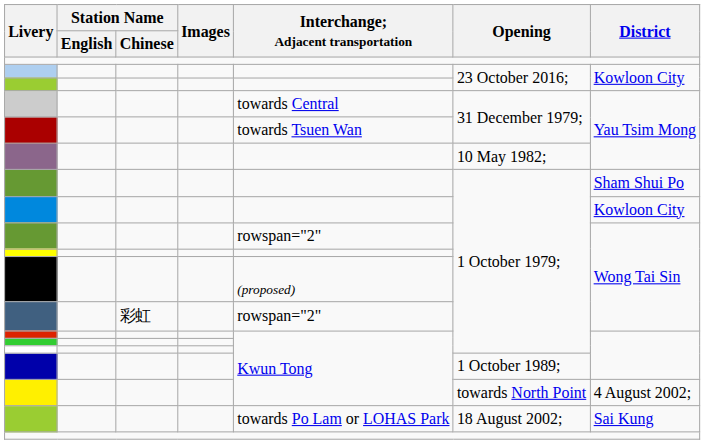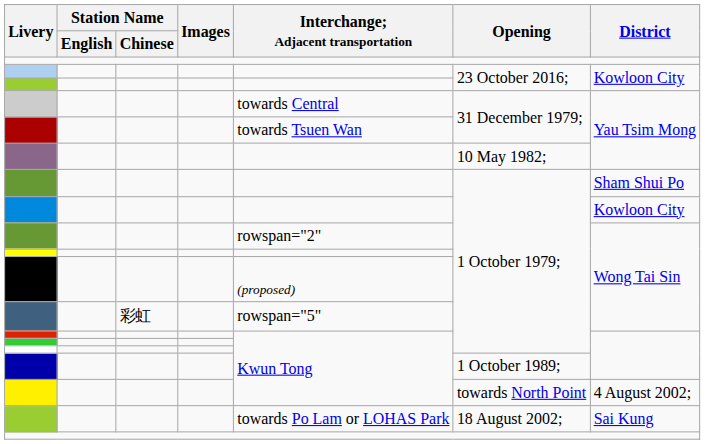 <table class="wikitable" style="color: black; border-collapse: collapse; font-size: 95%">
 <tr>
 <th rowspan="2">Livery</th>
 <th colspan="2">Station Name</th>
 <th rowspan="2">Images</th>
 <th rowspan="2">Interchange;<br><small>Adjacent transportation</small></th>
 <th rowspan="2">Opening</th>
 <th rowspan="2"><a href='#'>District</a></th>
 </tr>
 <tr>
 <th>English</th>
 <th>Chinese</th>
 </tr>
 <tr>
 <td colspan="9" style="text-align:center;"><strong></strong></td>
 </tr>
 <tr>
 <td style="background-color: #AECFF0;"></td>
 <td><strong></strong></td>
 <td></td>
 <td></td>
 <td></td>
 <td rowspan="2">23 October 2016;<br></td>
 <td rowspan="2"><a href='#'>Kowloon City</a></td>
 </tr>
 <tr>
 <td style="background-color: #9ACD32;"></td>
 <td><strong></strong></td>
 <td></td>
 <td></td>
 <td></td>
 </tr>
 <tr>
 <td style="background-color: #CCCCCC;"></td>
 <td><strong></strong></td>
 <td></td>
 <td></td>
 <td> towards <a href='#'>Central</a></td>
 <td rowspan="2">31 December 1979;<br></td>
 <td rowspan="3"><a href='#'>Yau Tsim Mong</a></td>
 </tr>
 <tr>
 <td style="background-color: #AA0000;"></td>
 <td><strong></strong></td>
 <td></td>
 <td></td>
 <td> towards <a href='#'>Tsuen Wan</a></td>
 </tr>
 <tr>
 <td style="background-color: #8B668B;"></td>
 <td><strong></strong></td>
 <td></td>
 <td></td>
 <td></td>
 <td>10 May 1982;<br></td>
 </tr>
 <tr>
 <td style="background-color: #669933;"></td>
 <td><strong></strong></td>
 <td></td>
 <td></td>
 <td></td>
 <td rowspan="9">1 October 1979;<br></td>
 <td><a href='#'>Sham Shui Po</a></td>
 </tr>
 <tr>
 <td style="background-color: #0088DD;"></td>
 <td><strong></strong></td>
 <td></td>
 <td></td>
 <td></td>
 <td><a href='#'>Kowloon City</a></td>
 </tr>
 <tr>
 <td style="background-color: #669933;"></td>
 <td><strong></strong></td>
 <td></td>
 <td></td>
 <td>rowspan="2" </td>
 <td rowspan="4"><a href='#'>Wong Tai Sin</a></td>
 </tr>
 <tr>
 <td style="background-color: #FFFF00;"></td>
 <td><strong></strong></td>
 <td></td>
 <td></td>
 </tr>
 <tr>
 <td style="background-color: #000000;"></td>
 <td><strong></strong></td>
 <td></td>
 <td></td>
 <td><br><em> <small>(proposed)</small></em></td>
 </tr>
 <tr>
 <td style="background-color: #406080; background-image: linear-gradient(to bottom, #406080, #406080, #406080, #406080, #406080, #406080, #406080, #406080, #700000, #700000, #BC6020, #BC6020, #D8C860, #D8C860, #4C6C40, #4C6C40, #4060A0, #4060A0, #444054, #444054, #406080, #406080, #406080, #406080, #406080, #406080, #406080, #406080 (though the main colour is #406080));"></td>
 <td><strong></strong></td>
 <td>彩虹</td>
 <td></td>
-<td>rowspan="2" </td>
+<td>rowspan="5" </td>
 </tr>
 <tr>
 <td style="background-color: #DD2200;"></td>
 <td><strong></strong></td>
 <td></td>
 <td></td>
 <td rowspan="5"><a href='#'>Kwun Tong</a></td>
 </tr>
 <tr>
 <td style="background-color: #32CD32;"></td>
 <td><strong></strong></td>
 <td></td>
 <td></td>
 </tr>
 <tr>
 <td style="background-color: #FFFFFF;"></td>
 <td><strong></strong></td>
 <td></td>
 <td></td>
 </tr>
 <tr>
 <td style="background-color: #0000AA;"></td>
 <td><strong></strong></td>
 <td></td>
 <td></td>
 <td>1 October 1989;<br></td>
 </tr>
 <tr>
 <td style="background-color: #FFF000;"></td>
 <td><strong></strong></td>
 <td></td>
 <td></td>
 <td> towards <a href='#'>North Point</a></td>
 <td>4 August 2002;<br></td>
 </tr>
 <tr>
 <td style="background-color: #9ACD32;"></td>
 <td><strong></strong></td>
 <td></td>
 <td></td>
 <td> towards <a href='#'>Po Lam</a> or <a href='#'>LOHAS Park</a></td>
 <td>18 August 2002;<br></td>
 <td><a href='#'>Sai Kung</a></td>
 </tr>
 <tr>
 <td colspan = "7"></td>
 </tr>
 </table>
